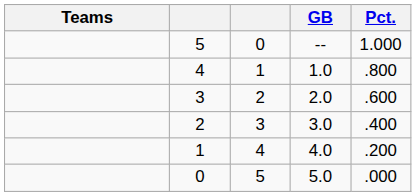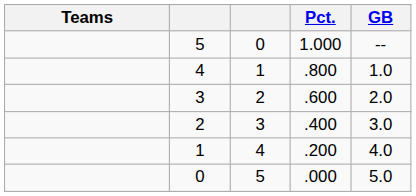 <table class="wikitable" style="text-align:center;">
 <tr>
 <th width="150px">Teams</th>
 <th width="50px"></th>
 <th width="50px"></th>
+<th width="50px"><a href='#'>Pct.</a></th>
 <th width="50px"><a href='#'>GB</a></th>
-<th width="50px"><a href='#'>Pct.</a></th>
 </tr>
 <tr style="background-color:">
 <td align="left"></td>
 <td>5</td>
 <td>0</td>
+<td>1.000</td>
 <td>--</td>
-<td>1.000</td>
 </tr>
 <tr style="background-color:">
 <td align="left"></td>
 <td>4</td>
 <td>1</td>
+<td>.800</td>
 <td>1.0</td>
-<td>.800</td>
 </tr>
 <tr style="background-color:">
 <td align="left"></td>
 <td>3</td>
 <td>2</td>
+<td>.600</td>
 <td>2.0</td>
-<td>.600</td>
 </tr>
 <tr style="background-color:">
 <td align="left"></td>
 <td>2</td>
 <td>3</td>
+<td>.400</td>
 <td>3.0</td>
-<td>.400</td>
 </tr>
 <tr style="background-color:">
 <td align="left"></td>
 <td>1</td>
 <td>4</td>
+<td>.200</td>
 <td>4.0</td>
-<td>.200</td>
 </tr>
 <tr style="background-color:">
 <td align="left"></td>
 <td>0</td>
 <td>5</td>
+<td>.000</td>
 <td>5.0</td>
-<td>.000</td>
 </tr>
 </table>
